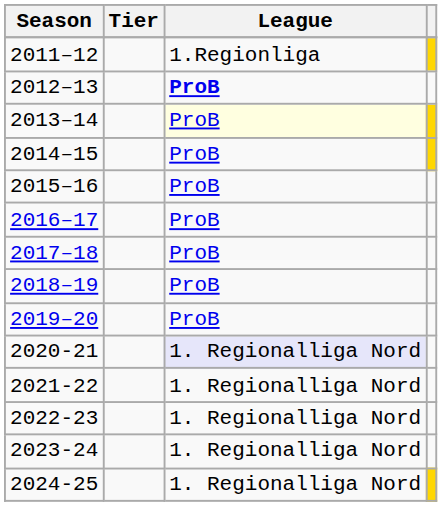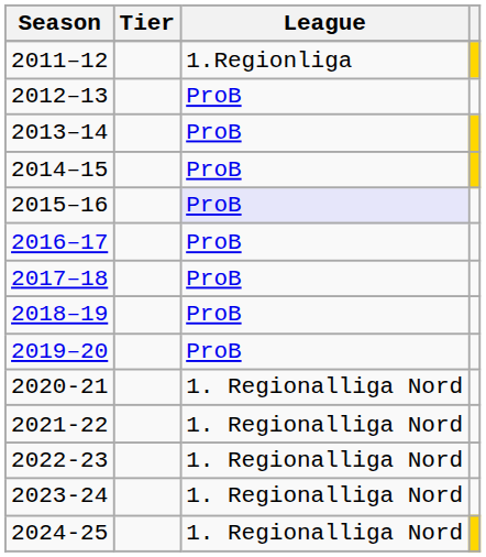 <table class="wikitable" style="font-size:85%">
 <tr>
 <th>Season</th>
 <th>Tier</th>
 <th>League</th>
 <th></th>
 </tr>
 <tr>
 </tr>
 <tr>
 <td>2011–12</td>
 <td></td>
 <td>1.Regionliga</td>
 <td bgcolor=gold></td>
 </tr>
 <tr>
 <td>2012–13</td>
 <td></td>
-<td><strong><a href='#'>ProB</a></strong></td>
+<td><a href='#'>ProB</a></td>
 <td></td>
 </tr>
 <tr>
 <td>2013–14</td>
 <td></td>
-<td style="background: lightyellow;"><a href='#'>ProB</a></td>
+<td><a href='#'>ProB</a></td>
 <td bgcolor=gold></td>
 </tr>
 <tr>
 <td>2014–15</td>
 <td></td>
 <td><a href='#'>ProB</a></td>
 <td bgcolor=gold></td>
 </tr>
 <tr>
 <td>2015–16</td>
 <td></td>
-<td><a href='#'>ProB</a></td>
+<td style="background: lavender;"><a href='#'>ProB</a></td>
 <td></td>
 </tr>
 <tr>
 <td><a href='#'>2016–17</a></td>
 <td></td>
 <td><a href='#'>ProB</a></td>
 <td></td>
 </tr>
 <tr>
 <td><a href='#'>2017–18</a></td>
 <td></td>
 <td><a href='#'>ProB</a></td>
 <td></td>
 </tr>
 <tr>
 <td><a href='#'>2018–19</a></td>
 <td></td>
 <td><a href='#'>ProB</a></td>
 <td></td>
 </tr>
 <tr>
 <td><a href='#'>2019–20</a></td>
 <td></td>
 <td><a href='#'>ProB</a></td>
 <td></td>
 </tr>
 <tr>
 <td>2020-21</td>
 <td></td>
-<td style="background: lavender;">1. Regionalliga Nord</td>
+<td>1. Regionalliga Nord</td>
 <td></td>
 </tr>
 <tr>
 <td>2021-22</td>
 <td></td>
 <td>1. Regionalliga Nord</td>
 <td></td>
 </tr>
 <tr>
 <td>2022-23</td>
 <td></td>
 <td>1. Regionalliga Nord</td>
 <td></td>
 </tr>
 <tr>
 <td>2023-24</td>
 <td></td>
 <td>1. Regionalliga Nord</td>
 <td></td>
 </tr>
 <tr>
 <td>2024-25</td>
 <td></td>
 <td>1. Regionalliga Nord</td>
 <td bgcolor=gold></td>
 </tr>
 </table>
